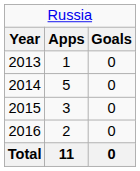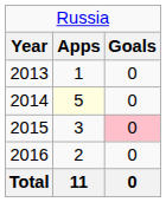 <table class="wikitable" style="text-align:center">
 <tr>
 <td colspan=3><a href='#'>Russia</a></td>
 </tr>
 <tr>
 <th>Year</th>
 <th>Apps</th>
 <th>Goals</th>
 </tr>
 <tr>
 <td>2013</td>
 <td>1</td>
 <td>0</td>
 </tr>
 <tr>
 <td>2014</td>
-<td>5</td>
+<td style="background: lightyellow;">5</td>
 <td>0</td>
 </tr>
 <tr>
 <td>2015</td>
 <td>3</td>
-<td>0</td>
+<td style="background: pink;">0</td>
 </tr>
 <tr>
 <td>2016</td>
 <td>2</td>
 <td>0</td>
 </tr>
 <tr>
 <th>Total</th>
 <th>11</th>
 <th>0</th>
 </tr>
 </table>
